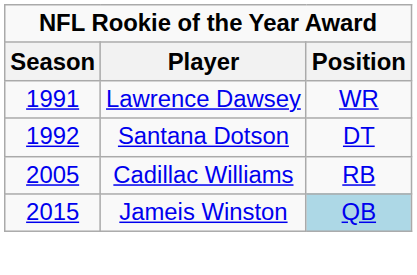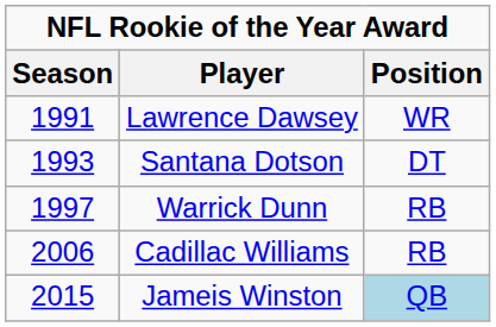 <table class="wikitable" style="text-align:center">
 <tr>
 <td colspan="3"><strong>NFL Rookie of the Year Award</strong></td>
 </tr>
 <tr>
 <th>Season</th>
 <th>Player</th>
 <th>Position</th>
 </tr>
 <tr>
 <td><a href='#'>1991</a></td>
 <td><a href='#'>Lawrence Dawsey</a></td>
 <td><a href='#'>WR</a></td>
 </tr>
 <tr>
-<td><a href='#'>1992</a></td>
+<td><a href='#'>1993</a></td>
 <td><a href='#'>Santana Dotson</a></td>
 <td><a href='#'>DT</a></td>
 </tr>
 <tr>
-<td><a href='#'>2005</a></td>
+<td><a href='#'>1997</a></td>
+<td><a href='#'>Warrick Dunn</a></td>
+<td><a href='#'>RB</a></td>
+</tr>
+<tr>
+<td><a href='#'>2006</a></td>
 <td><a href='#'>Cadillac Williams</a></td>
 <td><a href='#'>RB</a></td>
 </tr>
 <tr>
 <td><a href='#'>2015</a></td>
 <td><a href='#'>Jameis Winston</a></td>
 <td style="background: lightblue;"><a href='#'>QB</a></td>
 </tr>
 </table>
